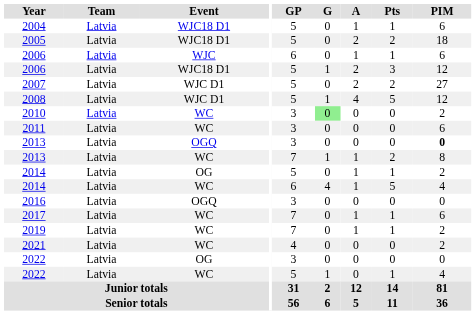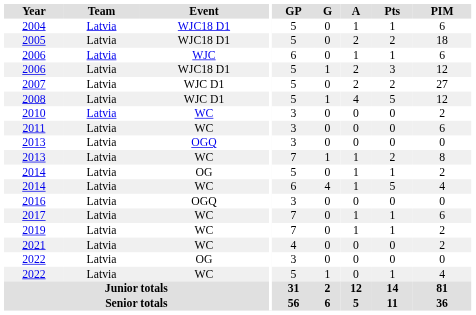 <table border="0" cellpadding="1" cellspacing="0" ID="Table3" style="text-align:center; width:40em">
 <tr ALIGN="center" bgcolor="#e0e0e0">
 <th>Year</th>
 <th>Team</th>
 <th>Event</th>
 <th rowspan="99" bgcolor="#ffffff"></th>
 <th>GP</th>
 <th>G</th>
 <th>A</th>
 <th>Pts</th>
 <th>PIM</th>
 </tr>
 <tr>
 <td><a href='#'>2004</a></td>
 <td><a href='#'>Latvia</a></td>
 <td><a href='#'>WJC18 D1</a></td>
 <td>5</td>
 <td>0</td>
 <td>1</td>
 <td>1</td>
 <td>6</td>
 </tr>
 <tr style="background:#f0f0f0;">
 <td><a href='#'>2005</a></td>
 <td>Latvia</td>
 <td>WJC18 D1</td>
 <td>5</td>
 <td>0</td>
 <td>2</td>
 <td>2</td>
 <td>18</td>
 </tr>
 <tr>
 <td><a href='#'>2006</a></td>
 <td><a href='#'>Latvia</a></td>
 <td><a href='#'>WJC</a></td>
 <td>6</td>
 <td>0</td>
 <td>1</td>
 <td>1</td>
 <td>6</td>
 </tr>
 <tr style="background:#f0f0f0;">
 <td><a href='#'>2006</a></td>
 <td>Latvia</td>
 <td>WJC18 D1</td>
 <td>5</td>
 <td>1</td>
 <td>2</td>
 <td>3</td>
 <td>12</td>
 </tr>
 <tr>
 <td><a href='#'>2007</a></td>
 <td>Latvia</td>
 <td>WJC D1</td>
 <td>5</td>
 <td>0</td>
 <td>2</td>
 <td>2</td>
 <td>27</td>
 </tr>
 <tr style="background:#f0f0f0;">
 <td><a href='#'>2008</a></td>
 <td>Latvia</td>
 <td>WJC D1</td>
 <td>5</td>
 <td>1</td>
 <td>4</td>
 <td>5</td>
 <td>12</td>
 </tr>
 <tr>
 <td><a href='#'>2010</a></td>
 <td><a href='#'>Latvia</a></td>
 <td><a href='#'>WC</a></td>
 <td>3</td>
-<td style="background: lightgreen;">0</td>
+<td>0</td>
 <td>0</td>
 <td>0</td>
 <td>2</td>
 </tr>
 <tr style="background:#f0f0f0;">
 <td><a href='#'>2011</a></td>
 <td>Latvia</td>
 <td>WC</td>
 <td>3</td>
 <td>0</td>
 <td>0</td>
 <td>0</td>
 <td>6</td>
 </tr>
 <tr>
 <td><a href='#'>2013</a></td>
 <td>Latvia</td>
 <td><a href='#'>OGQ</a></td>
 <td>3</td>
 <td>0</td>
 <td>0</td>
 <td>0</td>
-<td><strong>0</strong></td>
+<td>0</td>
 </tr>
 <tr style="background:#f0f0f0;">
 <td><a href='#'>2013</a></td>
 <td>Latvia</td>
 <td>WC</td>
 <td>7</td>
 <td>1</td>
 <td>1</td>
 <td>2</td>
 <td>8</td>
 </tr>
 <tr>
 <td><a href='#'>2014</a></td>
 <td>Latvia</td>
 <td>OG</td>
 <td>5</td>
 <td>0</td>
 <td>1</td>
 <td>1</td>
 <td>2</td>
 </tr>
 <tr style="background:#f0f0f0;">
 <td><a href='#'>2014</a></td>
 <td>Latvia</td>
 <td>WC</td>
 <td>6</td>
 <td>4</td>
 <td>1</td>
 <td>5</td>
 <td>4</td>
 </tr>
 <tr>
 <td><a href='#'>2016</a></td>
 <td>Latvia</td>
 <td>OGQ</td>
 <td>3</td>
 <td>0</td>
 <td>0</td>
 <td>0</td>
 <td>0</td>
 </tr>
 <tr style="background:#f0f0f0;">
 <td><a href='#'>2017</a></td>
 <td>Latvia</td>
 <td>WC</td>
 <td>7</td>
 <td>0</td>
 <td>1</td>
 <td>1</td>
 <td>6</td>
 </tr>
 <tr>
 <td><a href='#'>2019</a></td>
 <td>Latvia</td>
 <td>WC</td>
 <td>7</td>
 <td>0</td>
 <td>1</td>
 <td>1</td>
 <td>2</td>
 </tr>
 <tr style="background:#f0f0f0;">
 <td><a href='#'>2021</a></td>
 <td>Latvia</td>
 <td>WC</td>
 <td>4</td>
 <td>0</td>
 <td>0</td>
 <td>0</td>
 <td>2</td>
 </tr>
 <tr>
 <td><a href='#'>2022</a></td>
 <td>Latvia</td>
 <td>OG</td>
 <td>3</td>
 <td>0</td>
 <td>0</td>
 <td>0</td>
 <td>0</td>
 </tr>
 <tr style="background:#f0f0f0;">
 <td><a href='#'>2022</a></td>
 <td>Latvia</td>
 <td>WC</td>
 <td>5</td>
 <td>1</td>
 <td>0</td>
 <td>1</td>
 <td>4</td>
 </tr>
 <tr bgcolor="#e0e0e0">
 <th colspan=3>Junior totals</th>
 <th>31</th>
 <th>2</th>
 <th>12</th>
 <th>14</th>
 <th>81</th>
 </tr>
 <tr bgcolor="#e0e0e0">
 <th colspan=3>Senior totals</th>
 <th>56</th>
 <th>6</th>
 <th>5</th>
 <th>11</th>
 <th>36</th>
 </tr>
 </table>
